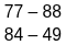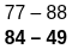 <table style="text-align:center;">
 <tr>
 <th width=200></th>
 <th width=100></th>
 <th width=200></th>
 <th></th>
 </tr>
 <tr>
 <td align=right></td>
 <td>77 – 88</td>
 <td align=left><strong></strong></td>
 </tr>
 <tr>
 <td align=right><strong></strong></td>
-<td>84 – 49</td>
+<td><strong>84 – 49</strong></td>
 <td align=left></td>
 </tr>
 </table>
